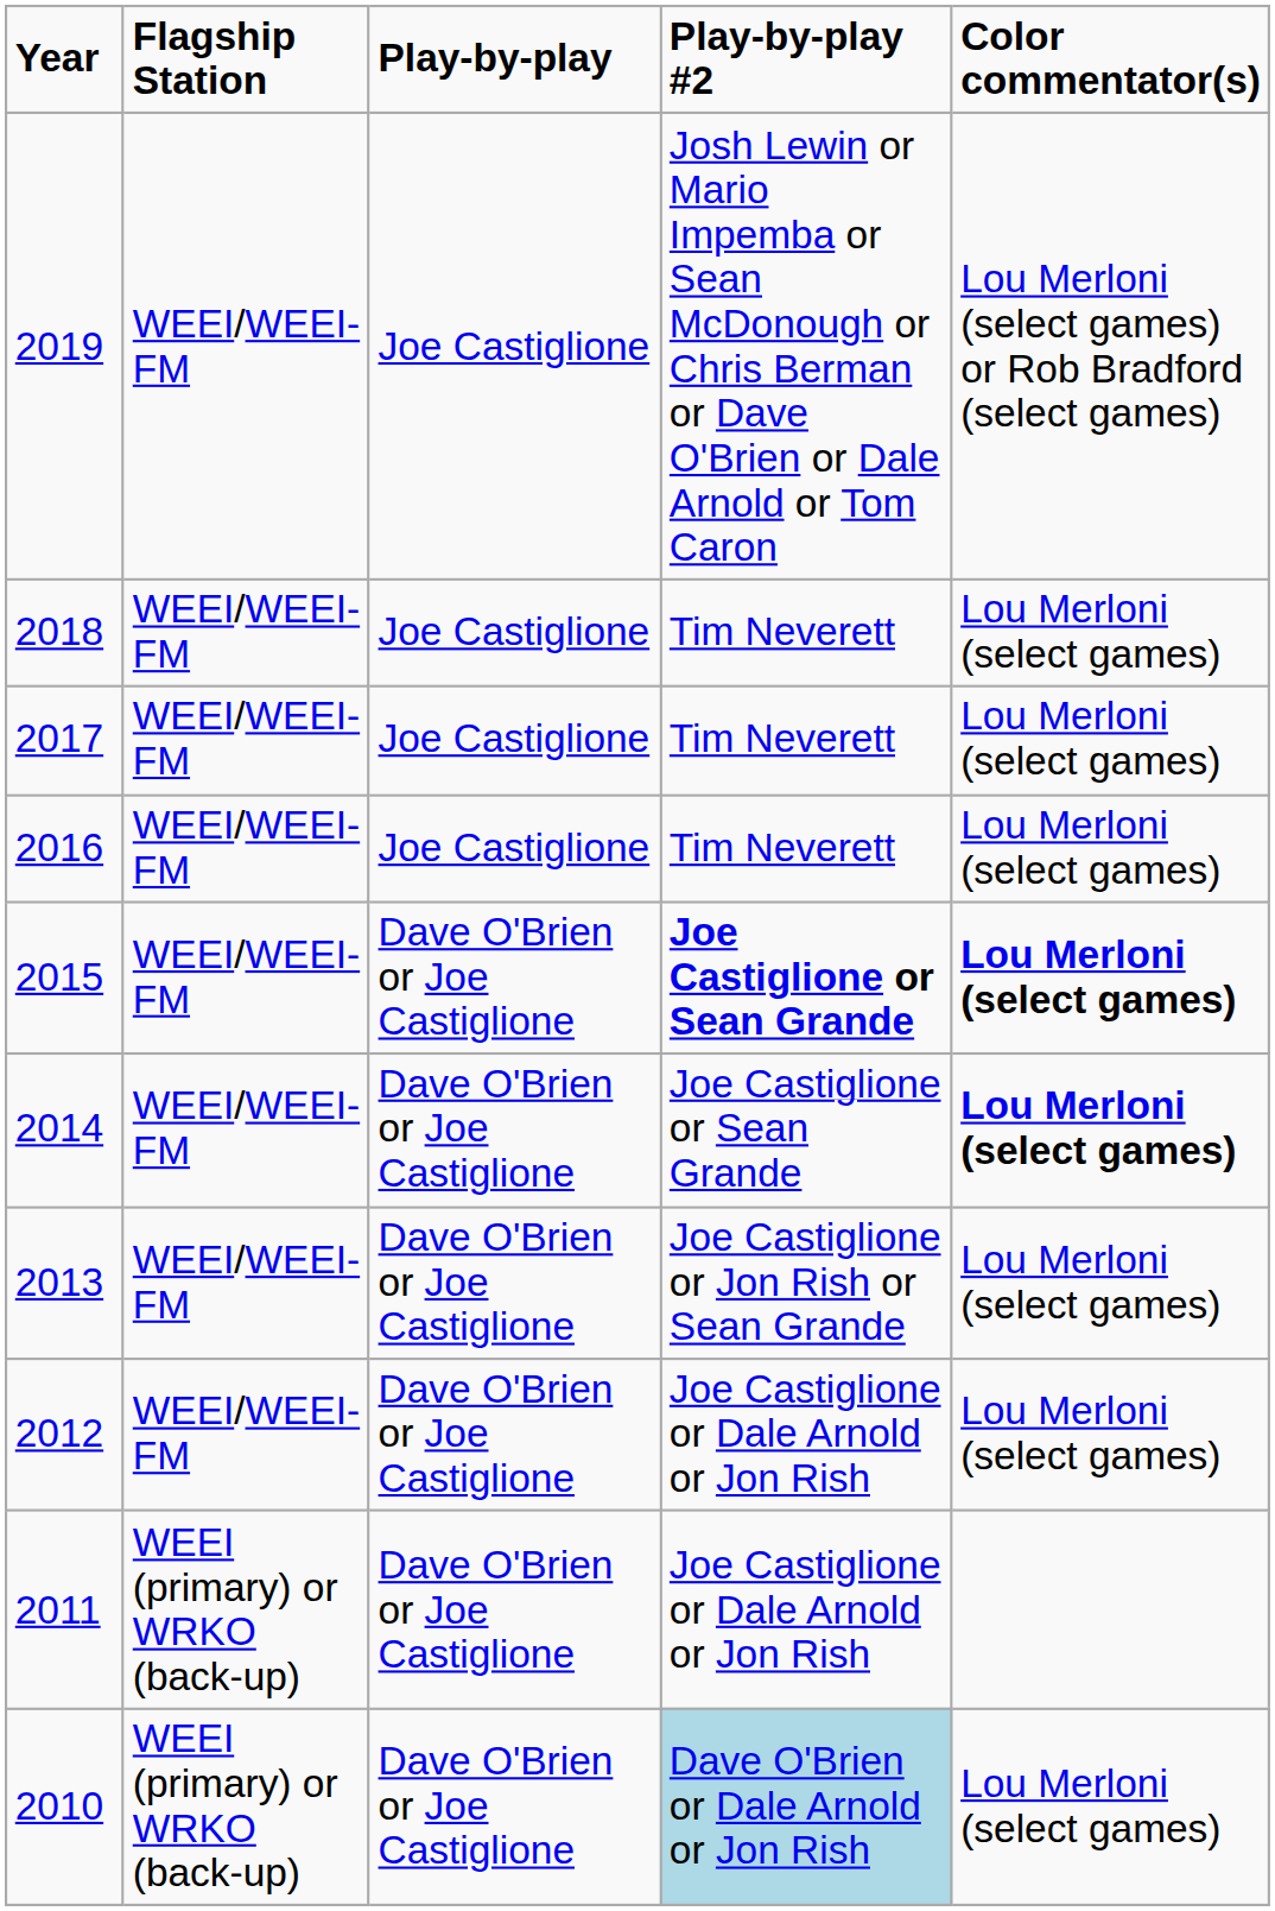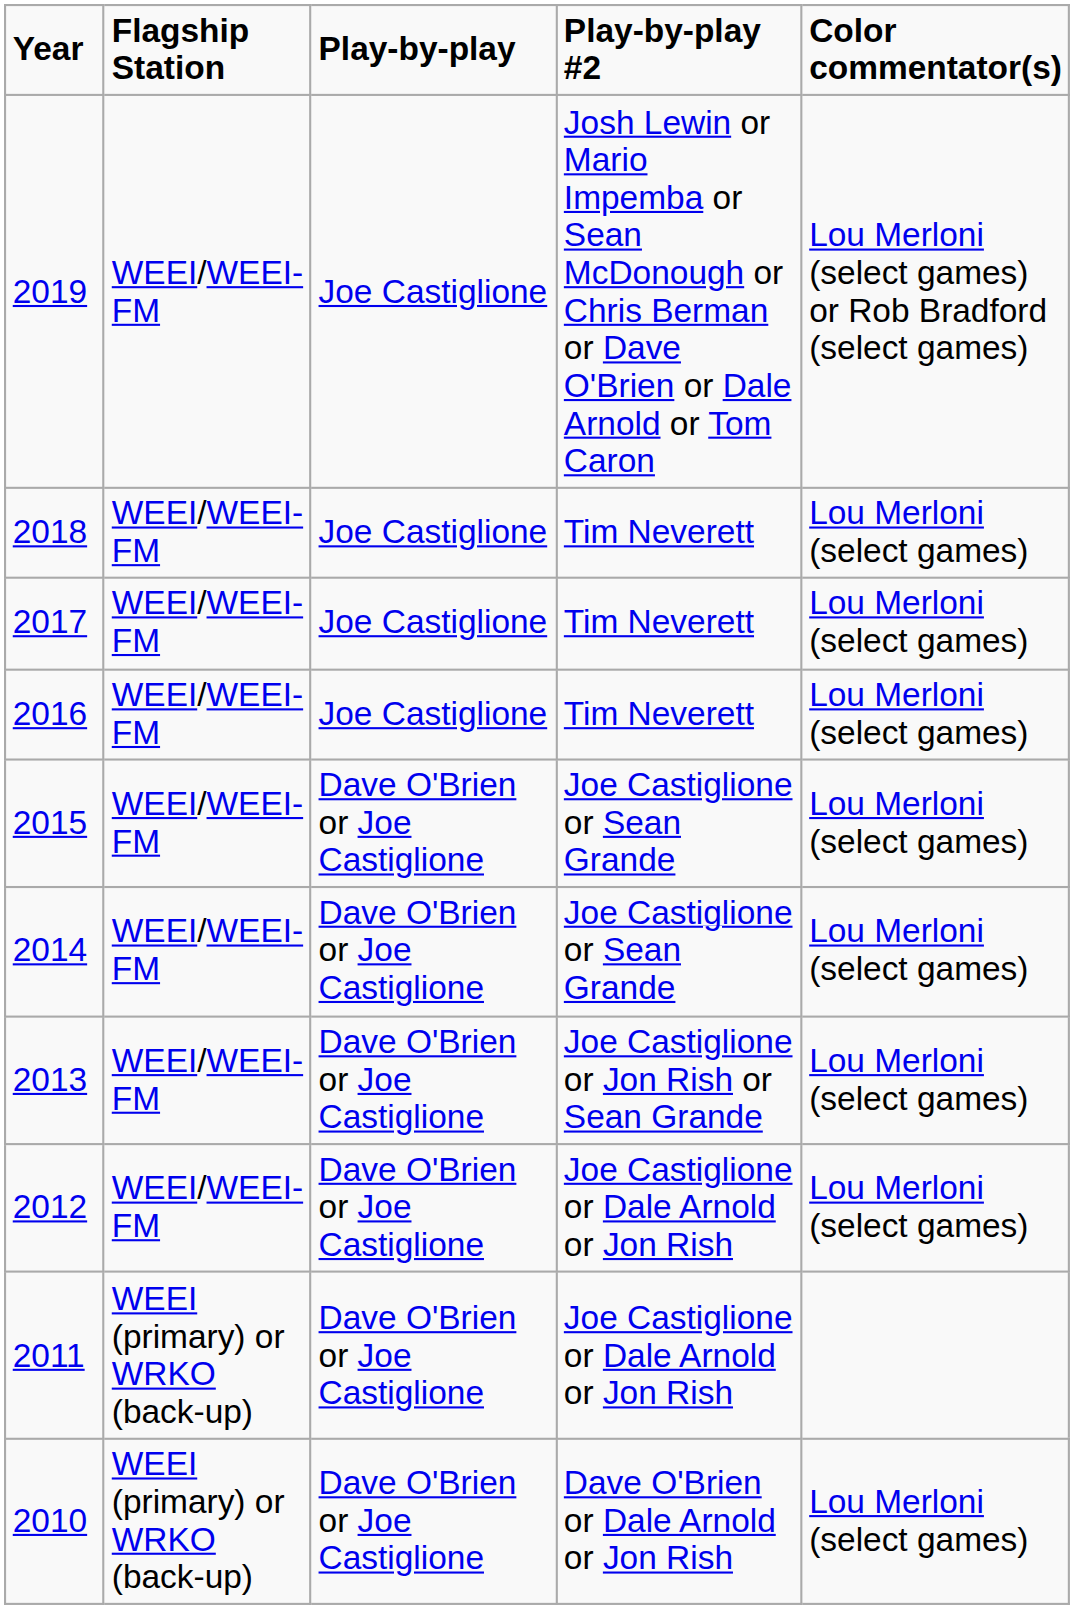 <table class="wikitable">
 <tr>
 <td width="40"><strong>Year</strong></td>
 <td width="40"><strong>Flagship Station</strong></td>
 <td width="110"><strong>Play-by-play</strong></td>
 <td width="110"><strong>Play-by-play #2</strong></td>
 <td width="110"><strong>Color commentator(s)</strong></td>
 </tr>
 <tr>
 <td><a href='#'>2019</a></td>
 <td><a href='#'>WEEI</a>/<a href='#'>WEEI-FM</a></td>
 <td><a href='#'>Joe Castiglione</a></td>
 <td><a href='#'>Josh Lewin</a> or <a href='#'>Mario Impemba</a> or <a href='#'>Sean McDonough</a> or <a href='#'>Chris Berman</a> or <a href='#'>Dave O'Brien</a> or <a href='#'>Dale Arnold</a> or <a href='#'>Tom Caron</a></td>
 <td><a href='#'>Lou Merloni</a> (select games) or Rob Bradford (select games)</td>
 </tr>
 <tr>
 <td><a href='#'>2018</a></td>
 <td><a href='#'>WEEI</a>/<a href='#'>WEEI-FM</a></td>
 <td><a href='#'>Joe Castiglione</a></td>
 <td><a href='#'>Tim Neverett</a></td>
 <td><a href='#'>Lou Merloni</a> (select games)</td>
 </tr>
 <tr>
 <td><a href='#'>2017</a></td>
 <td><a href='#'>WEEI</a>/<a href='#'>WEEI-FM</a></td>
 <td><a href='#'>Joe Castiglione</a></td>
 <td><a href='#'>Tim Neverett</a></td>
 <td><a href='#'>Lou Merloni</a> (select games)</td>
 </tr>
 <tr>
 <td><a href='#'>2016</a></td>
 <td><a href='#'>WEEI</a>/<a href='#'>WEEI-FM</a></td>
 <td><a href='#'>Joe Castiglione</a></td>
 <td><a href='#'>Tim Neverett</a></td>
 <td><a href='#'>Lou Merloni</a> (select games)</td>
 </tr>
 <tr>
 <td><a href='#'>2015</a></td>
 <td><a href='#'>WEEI</a>/<a href='#'>WEEI-FM</a></td>
 <td><a href='#'>Dave O'Brien</a> or <a href='#'>Joe Castiglione</a></td>
-<td><strong><a href='#'>Joe Castiglione</a> or <a href='#'>Sean Grande</a></strong></td>
-<td><strong><a href='#'>Lou Merloni</a> (select games)</strong></td>
+<td><a href='#'>Joe Castiglione</a> or <a href='#'>Sean Grande</a></td>
+<td><a href='#'>Lou Merloni</a> (select games)</td>
 </tr>
 <tr>
 <td><a href='#'>2014</a></td>
 <td><a href='#'>WEEI</a>/<a href='#'>WEEI-FM</a></td>
 <td><a href='#'>Dave O'Brien</a> or <a href='#'>Joe Castiglione</a></td>
 <td><a href='#'>Joe Castiglione</a> or <a href='#'>Sean Grande</a></td>
-<td><strong><a href='#'>Lou Merloni</a> (select games)</strong></td>
+<td><a href='#'>Lou Merloni</a> (select games)</td>
 </tr>
 <tr>
 <td><a href='#'>2013</a></td>
 <td><a href='#'>WEEI</a>/<a href='#'>WEEI-FM</a></td>
 <td><a href='#'>Dave O'Brien</a> or <a href='#'>Joe Castiglione</a></td>
 <td><a href='#'>Joe Castiglione</a> or <a href='#'>Jon Rish</a> or <a href='#'>Sean Grande</a></td>
 <td><a href='#'>Lou Merloni</a> (select games)</td>
 </tr>
 <tr>
 <td><a href='#'>2012</a></td>
 <td><a href='#'>WEEI</a>/<a href='#'>WEEI-FM</a></td>
 <td><a href='#'>Dave O'Brien</a> or <a href='#'>Joe Castiglione</a></td>
 <td><a href='#'>Joe Castiglione</a> or <a href='#'>Dale Arnold</a> or <a href='#'>Jon Rish</a></td>
 <td><a href='#'>Lou Merloni</a> (select games)</td>
 </tr>
 <tr>
 <td><a href='#'>2011</a></td>
 <td><a href='#'>WEEI</a> (primary) or <a href='#'>WRKO</a> (back-up)</td>
 <td><a href='#'>Dave O'Brien</a> or <a href='#'>Joe Castiglione</a></td>
 <td><a href='#'>Joe Castiglione</a> or <a href='#'>Dale Arnold</a> or <a href='#'>Jon Rish</a></td>
 </tr>
 <tr>
 <td><a href='#'>2010</a></td>
 <td><a href='#'>WEEI</a> (primary) or <a href='#'>WRKO</a> (back-up)</td>
 <td><a href='#'>Dave O'Brien</a> or <a href='#'>Joe Castiglione</a></td>
-<td style="background: lightblue;"><a href='#'>Dave O'Brien</a> or <a href='#'>Dale Arnold</a> or <a href='#'>Jon Rish</a></td>
+<td><a href='#'>Dave O'Brien</a> or <a href='#'>Dale Arnold</a> or <a href='#'>Jon Rish</a></td>
 <td><a href='#'>Lou Merloni</a> (select games)</td>
 </tr>
 </table>
